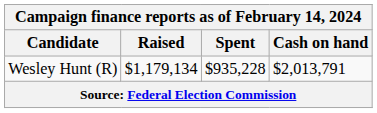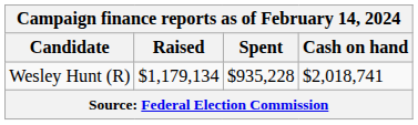 <table class="wikitable sortable">
 <tr>
 <th colspan=4>Campaign finance reports as of February 14, 2024</th>
 </tr>
 <tr style="text-align:center;">
 <th>Candidate</th>
 <th>Raised</th>
 <th>Spent</th>
 <th>Cash on hand</th>
 </tr>
 <tr>
 <td style="background-color:">Wesley Hunt (R)</td>
 <td>$1,179,134</td>
 <td>$935,228</td>
-<td>$2,013,791</td>
+<td>$2,018,741</td>
 </tr>
 <tr>
 <th colspan="4"><small>Source: <a href='#'>Federal Election Commission</a></small></th>
 </tr>
 </table>
